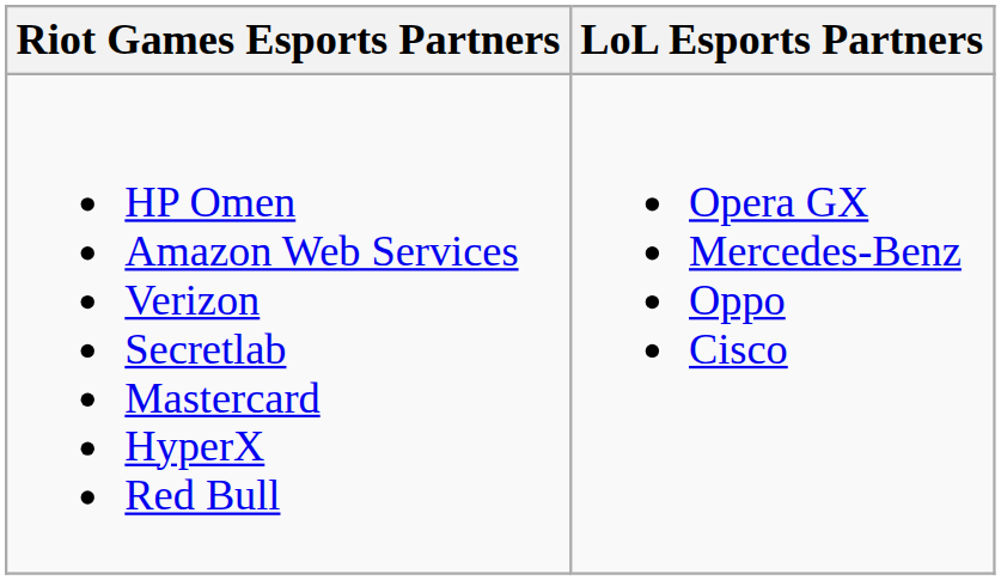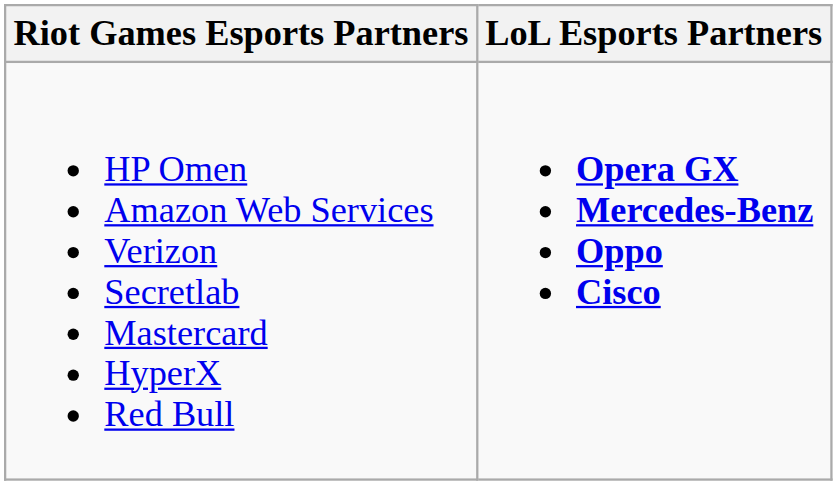 <table class="wikitable">
 <tr>
 <th>Riot Games Esports Partners</th>
 <th>LoL Esports Partners</th>
 </tr>
 <tr>
 <td style="vertical-align:top;"><br><ul><li><a href='#'>HP Omen</a></li><li><a href='#'>Amazon Web Services</a></li><li><a href='#'>Verizon</a></li><li><a href='#'>Secretlab</a></li><li><a href='#'>Mastercard</a></li><li><a href='#'>HyperX</a></li><li><a href='#'>Red Bull</a></li></ul></td>
-<td style="vertical-align:top;"><br><ul><li><a href='#'>Opera GX</a></li><li><a href='#'>Mercedes-Benz</a></li><li><a href='#'>Oppo</a></li><li><a href='#'>Cisco</a></li></ul></td>
+<td style="vertical-align:top;"><strong><br><ul><li><a href='#'>Opera GX</a></li><li><a href='#'>Mercedes-Benz</a></li><li><a href='#'>Oppo</a></li><li><a href='#'>Cisco</a></li></ul></strong></td>
 </tr>
 </table>
